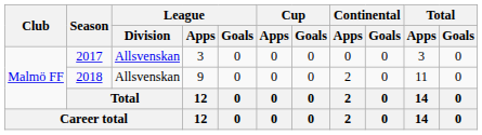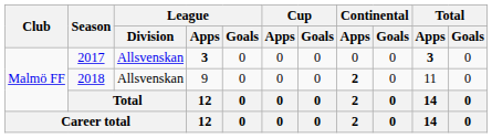 <table class="wikitable" style="text-align:center;">
 <tr>
 <th rowspan="2">Club</th>
 <th rowspan="2">Season</th>
 <th colspan="3">League</th>
 <th colspan="2">Cup</th>
 <th colspan="2">Continental</th>
 <th colspan="2">Total</th>
 </tr>
 <tr>
 <th>Division</th>
 <th>Apps</th>
 <th>Goals</th>
 <th>Apps</th>
 <th>Goals</th>
 <th>Apps</th>
 <th>Goals</th>
 <th>Apps</th>
 <th>Goals</th>
 </tr>
 <tr>
 <td rowspan="3"><a href='#'>Malmö FF</a></td>
 <td><a href='#'>2017</a></td>
 <td><a href='#'>Allsvenskan</a></td>
-<td>3</td>
+<td><strong>3</strong></td>
 <td>0</td>
 <td>0</td>
 <td>0</td>
 <td>0</td>
 <td>0</td>
-<td>3</td>
+<td><strong>3</strong></td>
 <td>0</td>
 </tr>
 <tr>
 <td><a href='#'>2018</a></td>
 <td>Allsvenskan</td>
 <td>9</td>
 <td>0</td>
 <td>0</td>
 <td>0</td>
-<td>2</td>
+<td><strong>2</strong></td>
 <td>0</td>
 <td>11</td>
 <td>0</td>
 </tr>
 <tr>
 <th colspan="2">Total</th>
 <th>12</th>
 <th>0</th>
 <th>0</th>
 <th>0</th>
 <th>2</th>
 <th>0</th>
 <th>14</th>
 <th>0</th>
 </tr>
 <tr>
 <th colspan="3">Career total</th>
 <th>12</th>
 <th>0</th>
 <th>0</th>
 <th>0</th>
 <th>2</th>
 <th>0</th>
 <th>14</th>
 <th>0</th>
 </tr>
 </table>
